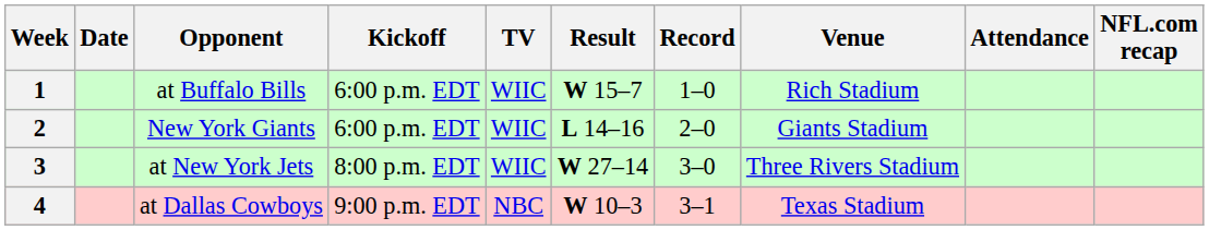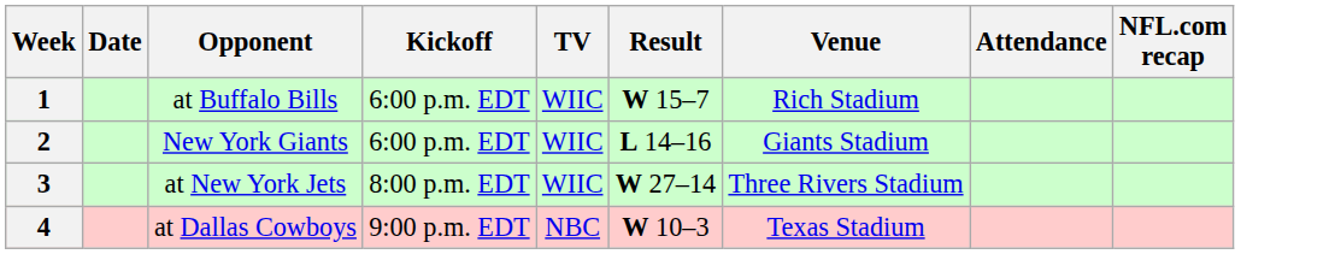 <table class="wikitable" style="text-align:center">
 <tr>
 <th>Week</th>
 <th>Date</th>
 <th>Opponent</th>
 <th>Kickoff</th>
 <th>TV</th>
 <th>Result</th>
-<th>Record</th>
 <th>Venue</th>
 <th>Attendance</th>
 <th>NFL.com<br>recap</th>
 </tr>
 <tr style="background:#cfc">
 <th>1</th>
 <td></td>
 <td>at <a href='#'>Buffalo Bills</a></td>
 <td>6:00 p.m. <a href='#'>EDT</a></td>
 <td><a href='#'>WIIC</a></td>
 <td><strong>W</strong> 15–7</td>
-<td>1–0</td>
 <td><a href='#'>Rich Stadium</a></td>
 <td></td>
 <td></td>
 </tr>
 <tr style="background:#cfc">
 <th>2</th>
 <td></td>
 <td><a href='#'>New York Giants</a></td>
 <td>6:00 p.m. <a href='#'>EDT</a></td>
 <td><a href='#'>WIIC</a></td>
 <td><strong>L</strong> 14–16</td>
-<td>2–0</td>
 <td><a href='#'>Giants Stadium</a></td>
 <td></td>
 <td></td>
 </tr>
 <tr style="background:#cfc">
 <th>3</th>
 <td></td>
 <td>at <a href='#'>New York Jets</a></td>
 <td>8:00 p.m. <a href='#'>EDT</a></td>
 <td><a href='#'>WIIC</a></td>
 <td><strong>W</strong> 27–14</td>
-<td>3–0</td>
 <td><a href='#'>Three Rivers Stadium</a></td>
 <td></td>
 <td></td>
 </tr>
 <tr style="background:#fcc">
 <th>4</th>
 <td></td>
 <td>at <a href='#'>Dallas Cowboys</a></td>
 <td>9:00 p.m. <a href='#'>EDT</a></td>
 <td><a href='#'>NBC</a></td>
 <td><strong>W</strong> 10–3</td>
-<td>3–1</td>
 <td><a href='#'>Texas Stadium</a></td>
 <td></td>
 <td></td>
 </tr>
 </table>
